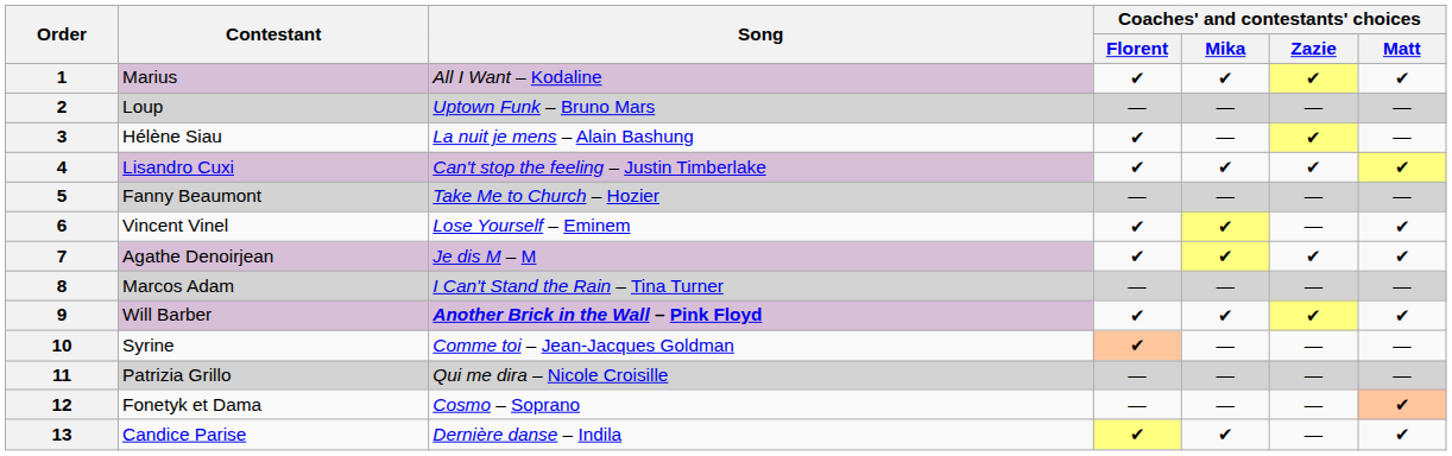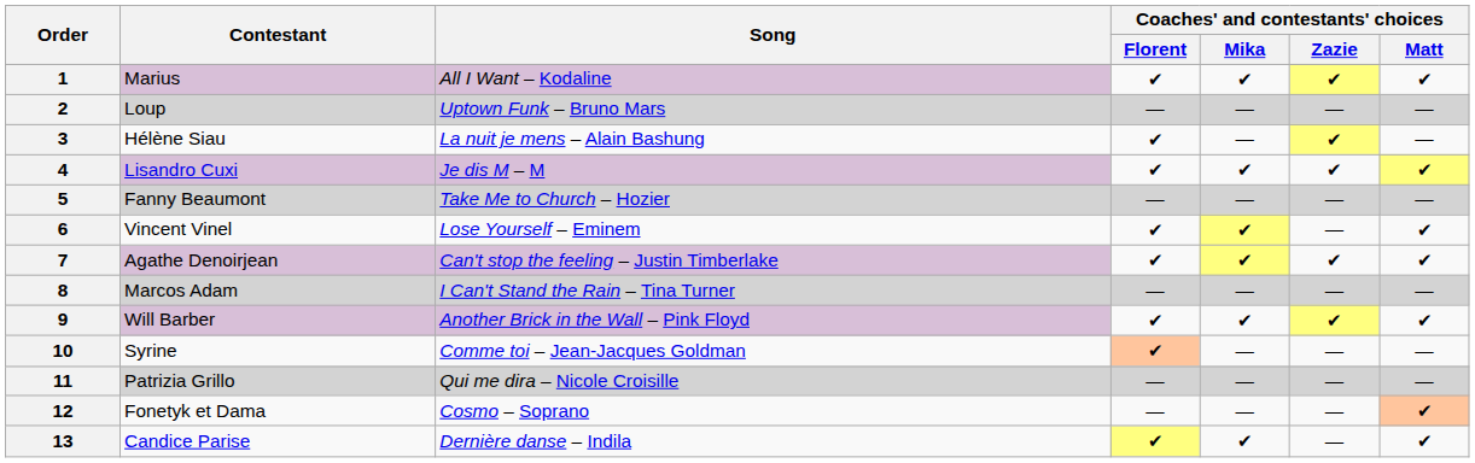 <table class="wikitable" style="width:100%;">
 <tr>
 <th scope=col rowspan="2">Order</th>
 <th scope=col rowspan="2">Contestant</th>
 <th scope=col rowspan="2">Song</th>
 <th scope=col colspan="4">Coaches' and contestants' choices</th>
 </tr>
 <tr>
 <th scope=col width="70"><a href='#'>Florent</a></th>
 <th scope=col width="70"><a href='#'>Mika</a></th>
 <th scope=col width="70"><a href='#'>Zazie</a></th>
 <th scope=col width="70"><a href='#'>Matt</a></th>
 </tr>
 <tr>
 <th scope=row>1</th>
 <td style="background:thistle">Marius</td>
 <td style="background:thistle"><em>All I Want</em> – <a href='#'>Kodaline</a></td>
 <td style="text-align:center;">✔</td>
 <td style="text-align:center;">✔</td>
 <td style="background:#FFFF80;text-align:center;">✔</td>
 <td style="text-align:center;">✔</td>
 </tr>
 <tr style="background:lightgrey;">
 <th scope=row>2</th>
 <td>Loup</td>
 <td><em><a href='#'>Uptown Funk</a></em> – <a href='#'>Bruno Mars</a></td>
 <td style="text-align:center;">—</td>
 <td style="text-align:center;">—</td>
 <td style="text-align:center;">—</td>
 <td style="text-align:center;">—</td>
 </tr>
 <tr>
 <th scope=row>3</th>
 <td>Hélène Siau</td>
 <td><em><a href='#'>La nuit je mens</a></em> – <a href='#'>Alain Bashung</a></td>
 <td style="text-align:center;">✔</td>
 <td style="text-align:center;">—</td>
 <td style="background:#FFFF80;text-align:center;">✔</td>
 <td style="text-align:center;">—</td>
 </tr>
 <tr>
 <th scope=row>4</th>
 <td style="background:thistle"><a href='#'>Lisandro Cuxi</a></td>
-<td style="background:thistle"><em><a href='#'>Can't stop the feeling</a></em> – <a href='#'>Justin Timberlake</a></td>
+<td style="background:thistle"><em><a href='#'>Je dis M</a></em> – <a href='#'>M</a></td>
 <td style="text-align:center;">✔</td>
 <td style="text-align:center;">✔</td>
 <td style="text-align:center;">✔</td>
 <td style="background:#FFFF80;text-align:center;">✔</td>
 </tr>
 <tr style="background:lightgrey;">
 <th scope=row>5</th>
 <td>Fanny Beaumont</td>
 <td><em><a href='#'>Take Me to Church</a></em> – <a href='#'>Hozier</a></td>
 <td style="text-align:center;">—</td>
 <td style="text-align:center;">—</td>
 <td style="text-align:center;">—</td>
 <td style="text-align:center;">—</td>
 </tr>
 <tr>
 <th scope=row>6</th>
 <td>Vincent Vinel</td>
 <td><em><a href='#'>Lose Yourself</a></em> – <a href='#'>Eminem</a></td>
 <td style="text-align:center;">✔</td>
 <td style="Background:#FFFF80;text-align:center;">✔</td>
 <td style="text-align:center;">—</td>
 <td style="text-align:center;">✔</td>
 </tr>
 <tr>
 <th scope=row>7</th>
 <td style="background:thistle">Agathe Denoirjean</td>
-<td style="background:thistle"><em><a href='#'>Je dis M</a></em> – <a href='#'>M</a></td>
+<td style="background:thistle"><em><a href='#'>Can't stop the feeling</a></em> – <a href='#'>Justin Timberlake</a></td>
 <td style="text-align:center;">✔</td>
 <td style="background:#FFFF80;text-align:center;">✔</td>
 <td style="text-align:center;">✔</td>
 <td style="text-align:center;">✔</td>
 </tr>
 <tr style="background:lightgrey;">
 <th scope=row>8</th>
 <td>Marcos Adam</td>
 <td><em><a href='#'>I Can't Stand the Rain</a></em> – <a href='#'>Tina Turner</a></td>
 <td style="text-align:center;">—</td>
 <td style="text-align:center;">—</td>
 <td style="text-align:center;">—</td>
 <td style="text-align:center;">—</td>
 </tr>
 <tr>
 <th scope=row>9</th>
 <td style="background:thistle">Will Barber</td>
-<td style="background:thistle"><strong><em><a href='#'>Another Brick in the Wall</a></em> – <a href='#'>Pink Floyd</a></strong></td>
+<td style="background:thistle"><em><a href='#'>Another Brick in the Wall</a></em> – <a href='#'>Pink Floyd</a></td>
 <td style="text-align:center;">✔</td>
 <td style="text-align:center;">✔</td>
 <td style="background:#FFFF80;text-align:center;">✔</td>
 <td style="text-align:center;">✔</td>
 </tr>
 <tr>
 <th scope=row>10</th>
 <td>Syrine</td>
 <td><em><a href='#'>Comme toi</a></em> – <a href='#'>Jean-Jacques Goldman</a></td>
 <td style="background:#FFC59D;text-align:center;">✔</td>
 <td style="text-align:center;">—</td>
 <td style="text-align:center;">—</td>
 <td style="text-align:center;">—</td>
 </tr>
 <tr style="background:lightgrey;">
 <th scope=row>11</th>
 <td>Patrizia Grillo</td>
 <td><em>Qui me dira</em> – <a href='#'>Nicole Croisille</a></td>
 <td style="text-align:center;">—</td>
 <td style="text-align:center;">—</td>
 <td style="text-align:center;">—</td>
 <td style="text-align:center;">—</td>
 </tr>
 <tr>
 <th scope=row>12</th>
 <td>Fonetyk et Dama</td>
 <td><em><a href='#'>Cosmo</a></em> – <a href='#'>Soprano</a></td>
 <td style="text-align:center;">—</td>
 <td style="text-align:center;">—</td>
 <td style="text-align:center;">—</td>
 <td style="background:#FFC59D;text-align:center;">✔</td>
 </tr>
 <tr>
 <th scope=row>13</th>
 <td><a href='#'>Candice Parise</a></td>
 <td><em><a href='#'>Dernière danse</a></em> – <a href='#'>Indila</a></td>
 <td style="background:#FFFF80;text-align:center;">✔</td>
 <td style="text-align:center;">✔</td>
 <td style="text-align:center;">—</td>
 <td style="text-align:center;">✔</td>
 </tr>
 </table>
